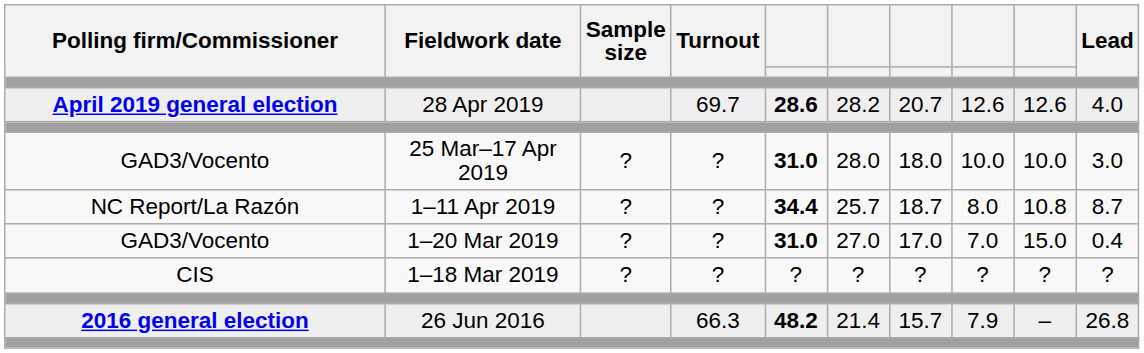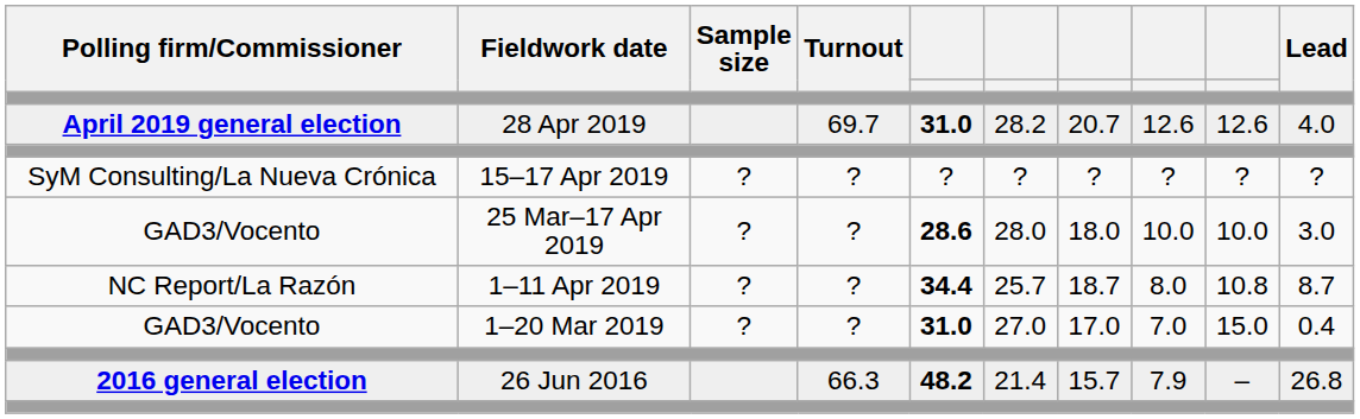 <table class="wikitable collapsible collapsed" style="text-align:center; font-size:95%; line-height:16px;">
 <tr style="height:42px;">
 <th style="width:250px;" rowspan="2">Polling firm/Commissioner</th>
 <th style="width:125px;" rowspan="2">Fieldwork date</th>
 <th style="width:50px;" rowspan="2">Sample size</th>
 <th style="width:45px;" rowspan="2">Turnout</th>
 <th style="width:35px;"></th>
 <th style="width:35px;"></th>
 <th style="width:35px;"></th>
 <th style="width:35px;"></th>
 <th style="width:35px;"></th>
 <th style="width:30px;" rowspan="2">Lead</th>
 </tr>
 <tr>
 <th style="color:inherit;background:"></th>
 <th style="color:inherit;background:"></th>
 <th style="color:inherit;background:"></th>
 <th style="color:inherit;background:"></th>
 <th style="color:inherit;background:"></th>
 </tr>
 <tr>
 <td colspan="10" style="background:#A0A0A0"></td>
 </tr>
 <tr style="background:#EFEFEF;">
 <td><strong><a href='#'>April 2019 general election</a></strong></td>
 <td>28 Apr 2019</td>
 <td></td>
 <td>69.7</td>
-<td><strong>28.6</strong><br></td>
+<td><strong>31.0</strong><br></td>
 <td>28.2<br></td>
 <td>20.7<br></td>
 <td>12.6<br></td>
 <td>12.6<br></td>
 <td style="background:">4.0</td>
 </tr>
 <tr>
 <td colspan="10" style="background:#A0A0A0"></td>
 </tr>
 <tr>
+<td>SyM Consulting/La Nueva Crónica</td>
+<td>15–17 Apr 2019</td>
+<td>?</td>
+<td>?</td>
+<td>?<br></td>
+<td>?<br></td>
+<td>?<br></td>
+<td>?<br></td>
+<td>?<br></td>
+<td style="background:">?</td>
+</tr>
+<tr>
 <td>GAD3/Vocento</td>
 <td>25 Mar–17 Apr 2019</td>
 <td>?</td>
 <td>?</td>
-<td><strong>31.0</strong><br></td>
+<td><strong>28.6</strong><br></td>
 <td>28.0<br></td>
 <td>18.0<br></td>
 <td>10.0<br></td>
 <td>10.0<br></td>
 <td style="background:">3.0</td>
 </tr>
 <tr>
 <td>NC Report/La Razón</td>
 <td>1–11 Apr 2019</td>
 <td>?</td>
 <td>?</td>
 <td><strong>34.4</strong><br></td>
 <td>25.7<br></td>
 <td>18.7<br></td>
 <td>8.0<br></td>
 <td>10.8<br></td>
 <td style="background:">8.7</td>
 </tr>
 <tr>
 <td>GAD3/Vocento</td>
 <td>1–20 Mar 2019</td>
 <td>?</td>
 <td>?</td>
 <td><strong>31.0</strong><br></td>
 <td>27.0<br></td>
 <td>17.0<br></td>
 <td>7.0<br></td>
 <td>15.0<br></td>
 <td style="background:">0.4</td>
 </tr>
 <tr>
-<td>CIS</td>
-<td>1–18 Mar 2019</td>
-<td>?</td>
-<td>?</td>
-<td>?<br></td>
-<td>?<br></td>
-<td>?<br></td>
-<td>?<br></td>
-<td>?<br></td>
-<td style="background:">?</td>
-</tr>
-<tr>
 <td colspan="10" style="background:#A0A0A0"></td>
 </tr>
 <tr style="background:#EFEFEF;">
 <td><strong><a href='#'>2016 general election</a></strong></td>
 <td>26 Jun 2016</td>
 <td></td>
 <td>66.3</td>
 <td><strong>48.2</strong><br></td>
 <td>21.4<br></td>
 <td>15.7<br></td>
 <td>7.9<br></td>
 <td>–</td>
 <td style="background:">26.8</td>
 </tr>
 <tr>
 <td colspan="10" style="background:#A0A0A0"></td>
 </tr>
 </table>
